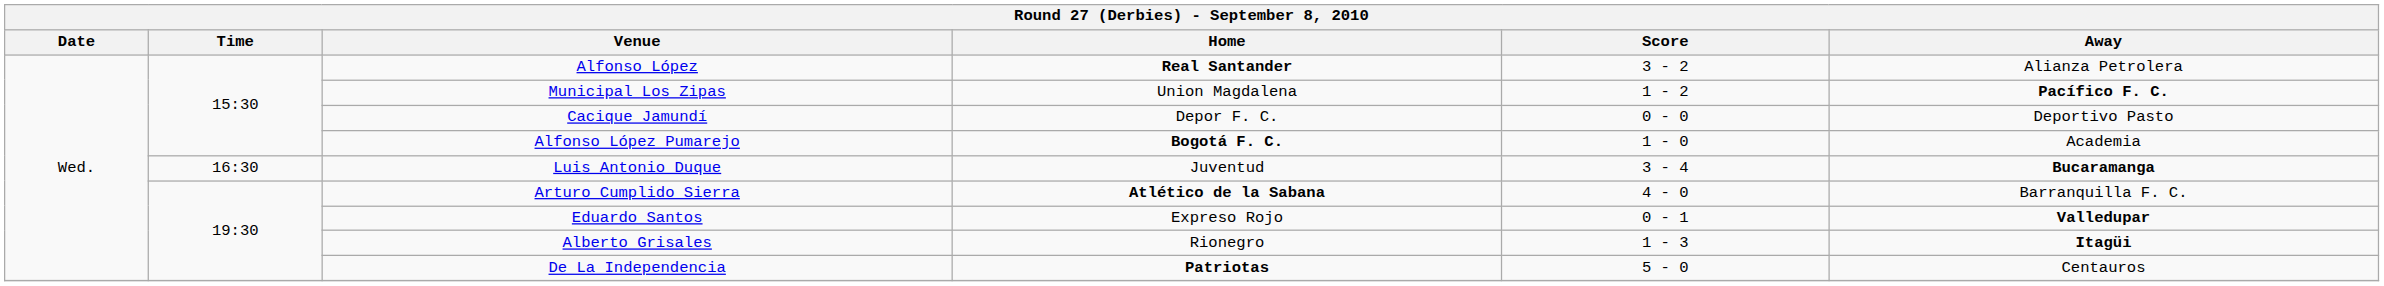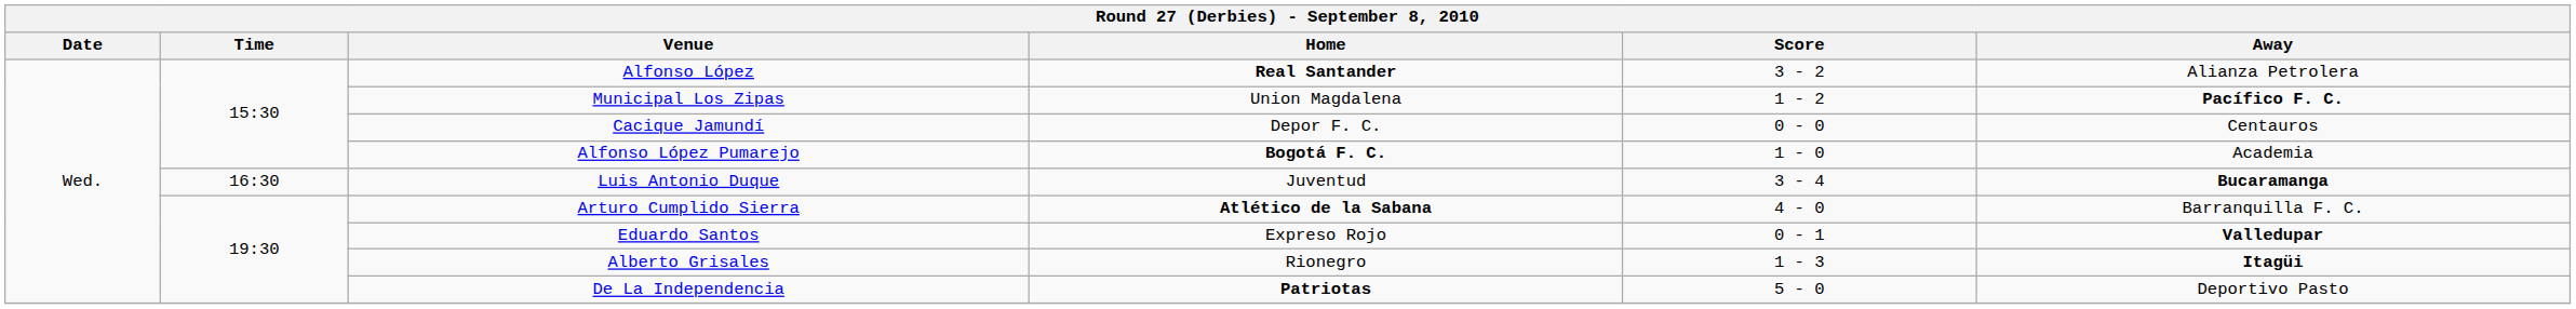 <table class="wikitable collapsible collapsed" style="font-size:95%; text-align: center; width: 95%;">
 <tr>
 <th colspan="12" style="with: 100%;" align=center>Round 27 (Derbies) - September 8, 2010</th>
 </tr>
 <tr>
 <th width="10">Date</th>
 <th width="20">Time</th>
 <th width="150">Venue</th>
 <th width="130">Home</th>
 <th width="75">Score</th>
 <th width="130">Away</th>
 </tr>
 <tr align=center>
 <td rowspan=9>Wed.</td>
 <td rowspan=4>15:30</td>
 <td><a href='#'>Alfonso López</a></td>
 <td><strong>Real Santander</strong></td>
 <td>3 - 2</td>
 <td>Alianza Petrolera</td>
 </tr>
 <tr align=center>
 <td><a href='#'>Municipal Los Zipas</a></td>
 <td>Union Magdalena</td>
 <td>1 - 2</td>
 <td><strong>Pacífico F. C.</strong></td>
 </tr>
 <tr align=center>
 <td><a href='#'>Cacique Jamundí</a></td>
 <td>Depor F. C.</td>
 <td>0 - 0</td>
-<td>Deportivo Pasto</td>
+<td>Centauros</td>
 </tr>
 <tr align=center>
 <td><a href='#'>Alfonso López Pumarejo</a></td>
 <td><strong>Bogotá F. C.</strong></td>
 <td>1 - 0</td>
 <td>Academia</td>
 </tr>
 <tr align=center>
 <td>16:30</td>
 <td><a href='#'>Luis Antonio Duque</a></td>
 <td>Juventud</td>
 <td>3 - 4</td>
 <td><strong>Bucaramanga</strong></td>
 </tr>
 <tr align=center>
 <td rowspan=4>19:30</td>
 <td><a href='#'>Arturo Cumplido Sierra</a></td>
 <td><strong>Atlético de la Sabana</strong></td>
 <td>4 - 0</td>
 <td>Barranquilla F. C.</td>
 </tr>
 <tr align=center>
 <td><a href='#'>Eduardo Santos</a></td>
 <td>Expreso Rojo</td>
 <td>0 - 1</td>
 <td><strong>Valledupar</strong></td>
 </tr>
 <tr align=center>
 <td><a href='#'>Alberto Grisales</a></td>
 <td>Rionegro</td>
 <td>1 - 3</td>
 <td><strong>Itagüi</strong></td>
 </tr>
 <tr align=center>
 <td><a href='#'>De La Independencia</a></td>
 <td><strong>Patriotas</strong></td>
 <td>5 - 0</td>
-<td>Centauros</td>
+<td>Deportivo Pasto</td>
 </tr>
 <tr align=center>
 </tr>
 </table>
